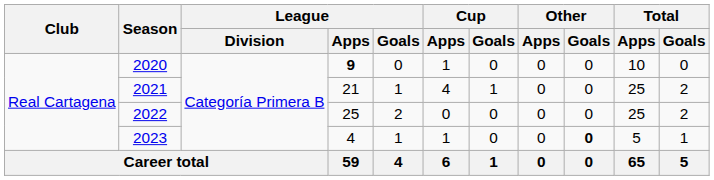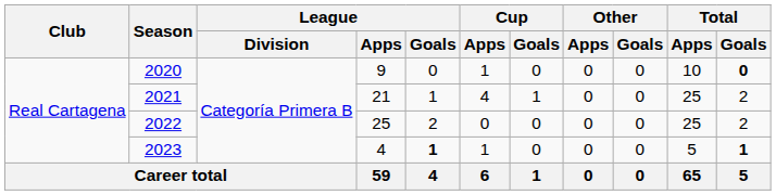 <table class=wikitable style=text-align:center>
 <tr>
 <th rowspan=2>Club</th>
 <th rowspan=2>Season</th>
 <th colspan=3>League</th>
 <th colspan=2>Cup</th>
 <th colspan=2>Other</th>
 <th colspan=2>Total</th>
 </tr>
 <tr>
 <th>Division</th>
 <th>Apps</th>
 <th>Goals</th>
 <th>Apps</th>
 <th>Goals</th>
 <th>Apps</th>
 <th>Goals</th>
 <th>Apps</th>
 <th>Goals</th>
 </tr>
 <tr>
 <td rowspan=4><a href='#'>Real Cartagena</a></td>
 <td><a href='#'>2020</a></td>
 <td rowspan=4><a href='#'>Categoría Primera B</a></td>
-<td><strong>9</strong></td>
+<td>9</td>
 <td>0</td>
 <td>1</td>
 <td>0</td>
 <td>0</td>
 <td>0</td>
 <td>10</td>
-<td>0</td>
+<td><strong>0</strong></td>
 </tr>
 <tr>
 <td><a href='#'>2021</a></td>
 <td>21</td>
 <td>1</td>
 <td>4</td>
 <td>1</td>
 <td>0</td>
 <td>0</td>
 <td>25</td>
 <td>2</td>
 </tr>
 <tr>
 <td><a href='#'>2022</a></td>
 <td>25</td>
 <td>2</td>
 <td>0</td>
 <td>0</td>
 <td>0</td>
 <td>0</td>
 <td>25</td>
 <td>2</td>
 </tr>
 <tr>
 <td><a href='#'>2023</a></td>
 <td>4</td>
-<td>1</td>
+<td><strong>1</strong></td>
 <td>1</td>
 <td>0</td>
 <td>0</td>
-<td><strong>0</strong></td>
+<td>0</td>
 <td>5</td>
-<td>1</td>
+<td><strong>1</strong></td>
 </tr>
 <tr>
 <th colspan=3>Career total</th>
 <th>59</th>
 <th>4</th>
 <th>6</th>
 <th>1</th>
 <th>0</th>
 <th>0</th>
 <th>65</th>
 <th>5</th>
 </tr>
 </table>
